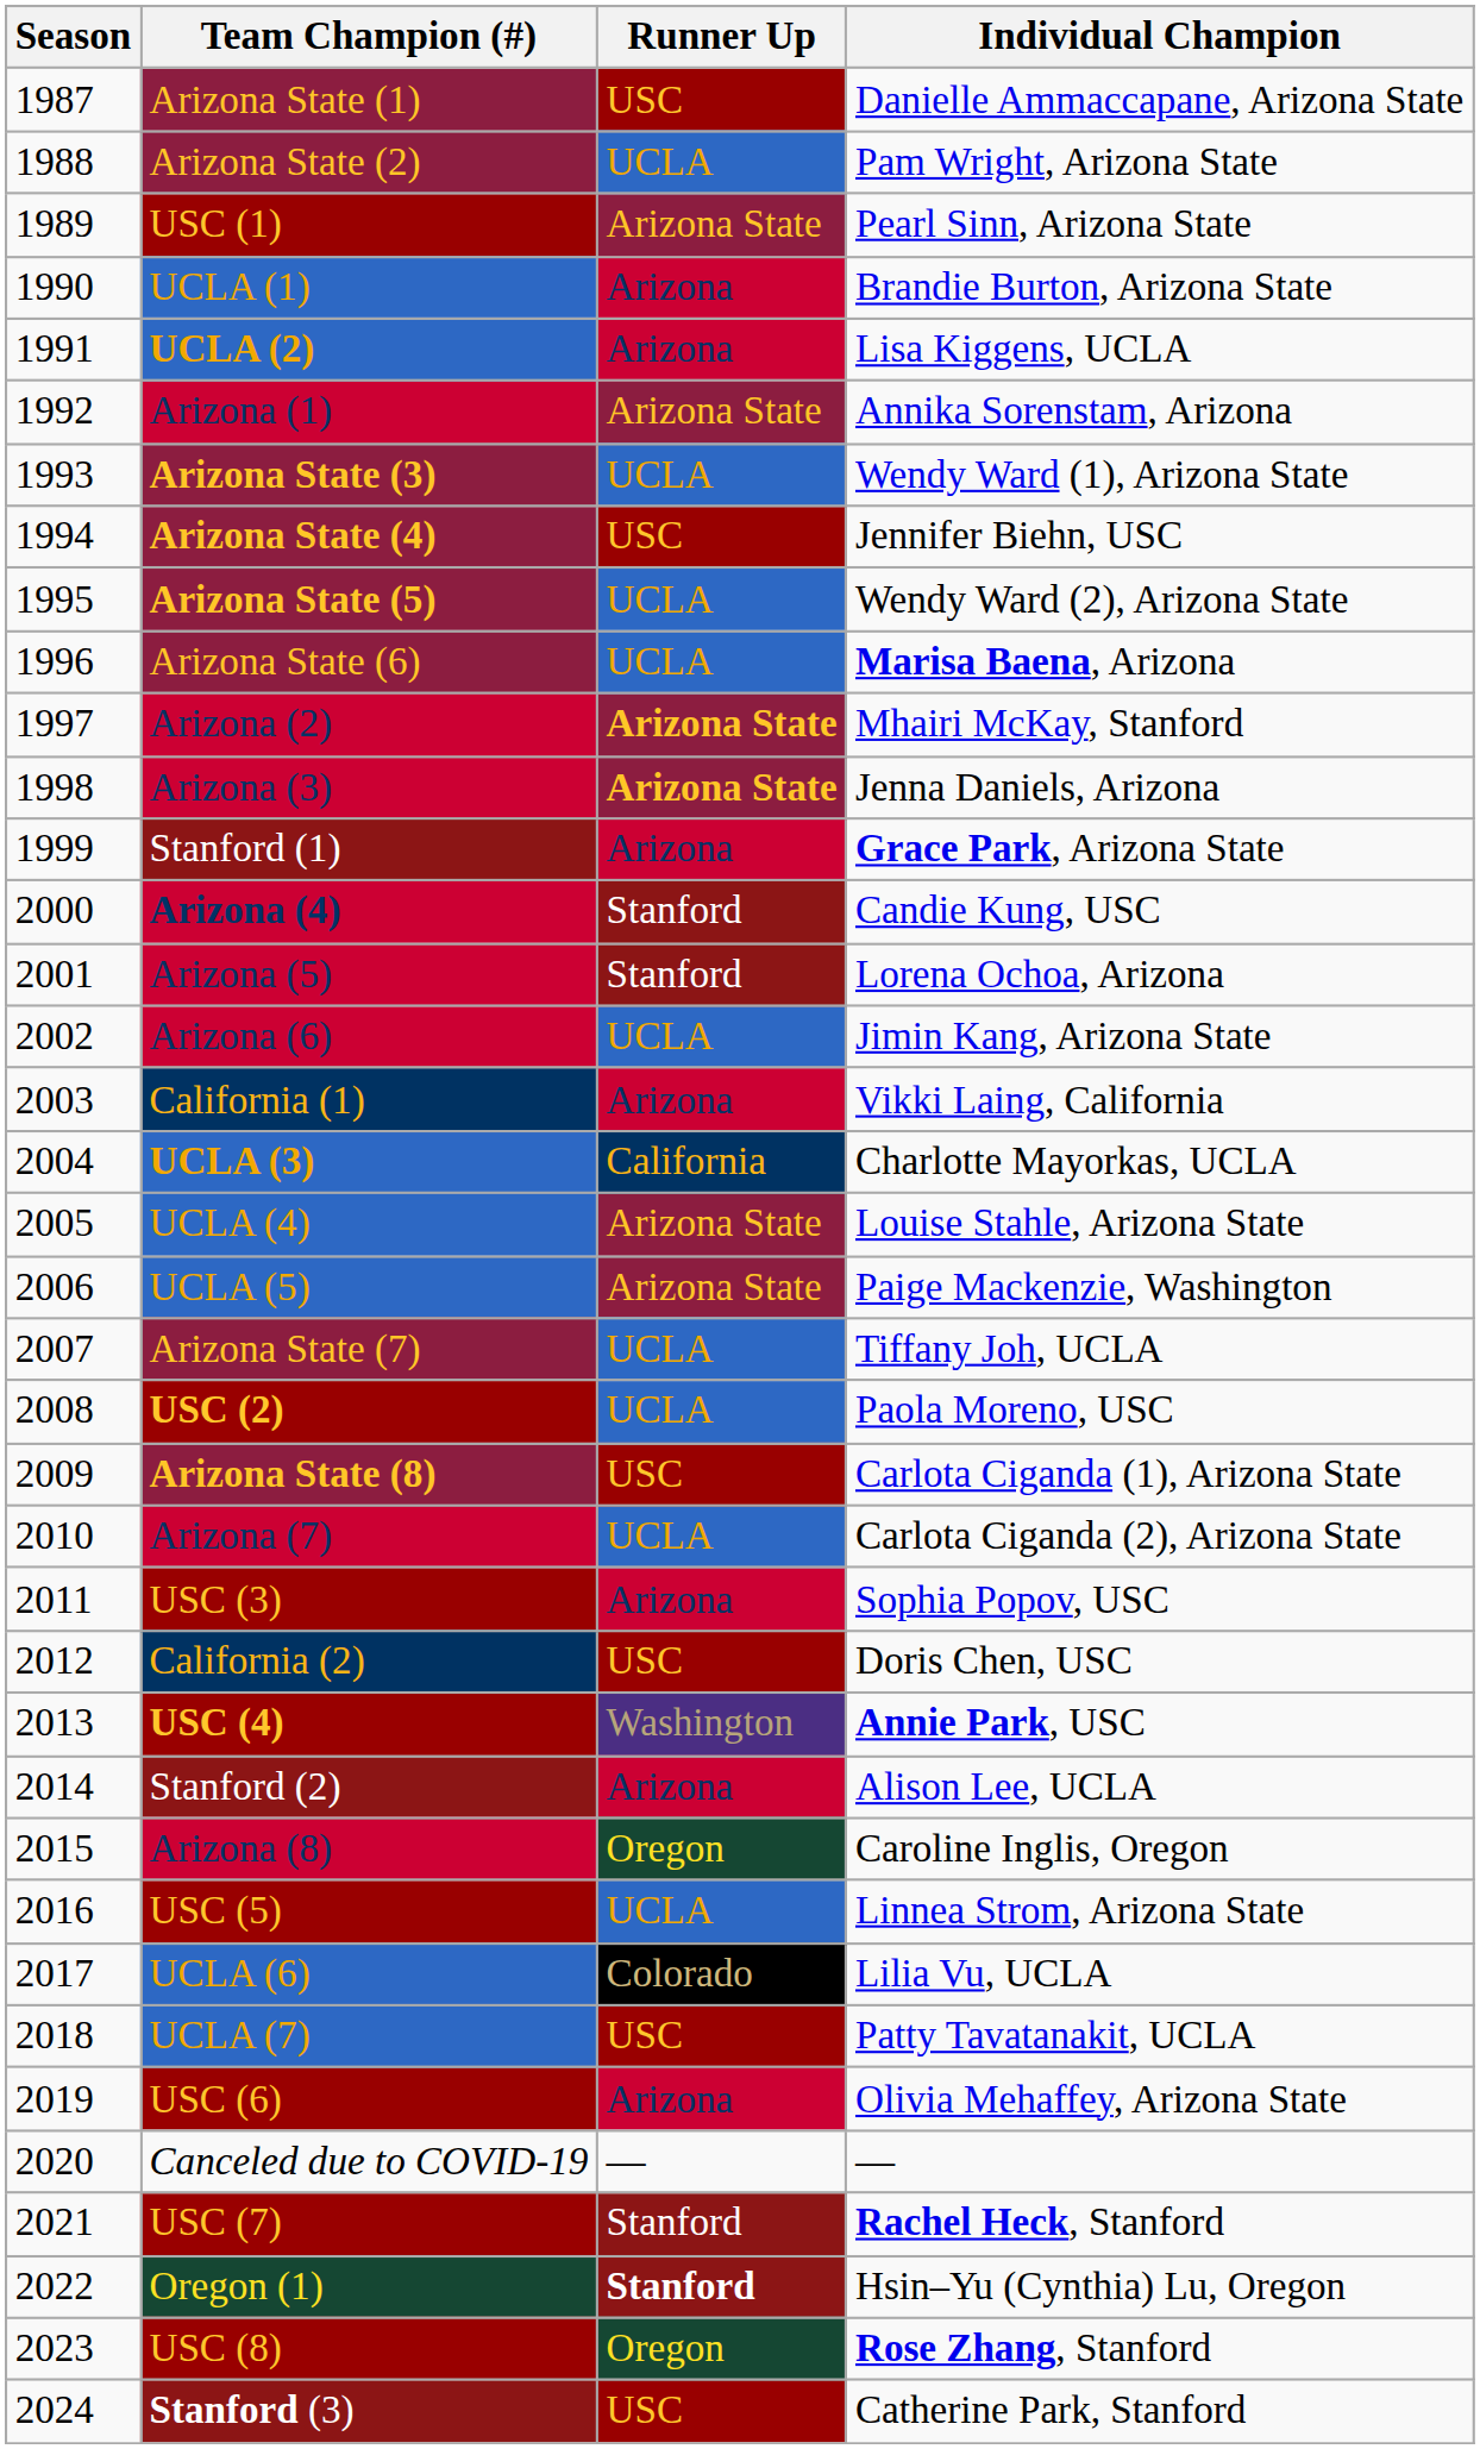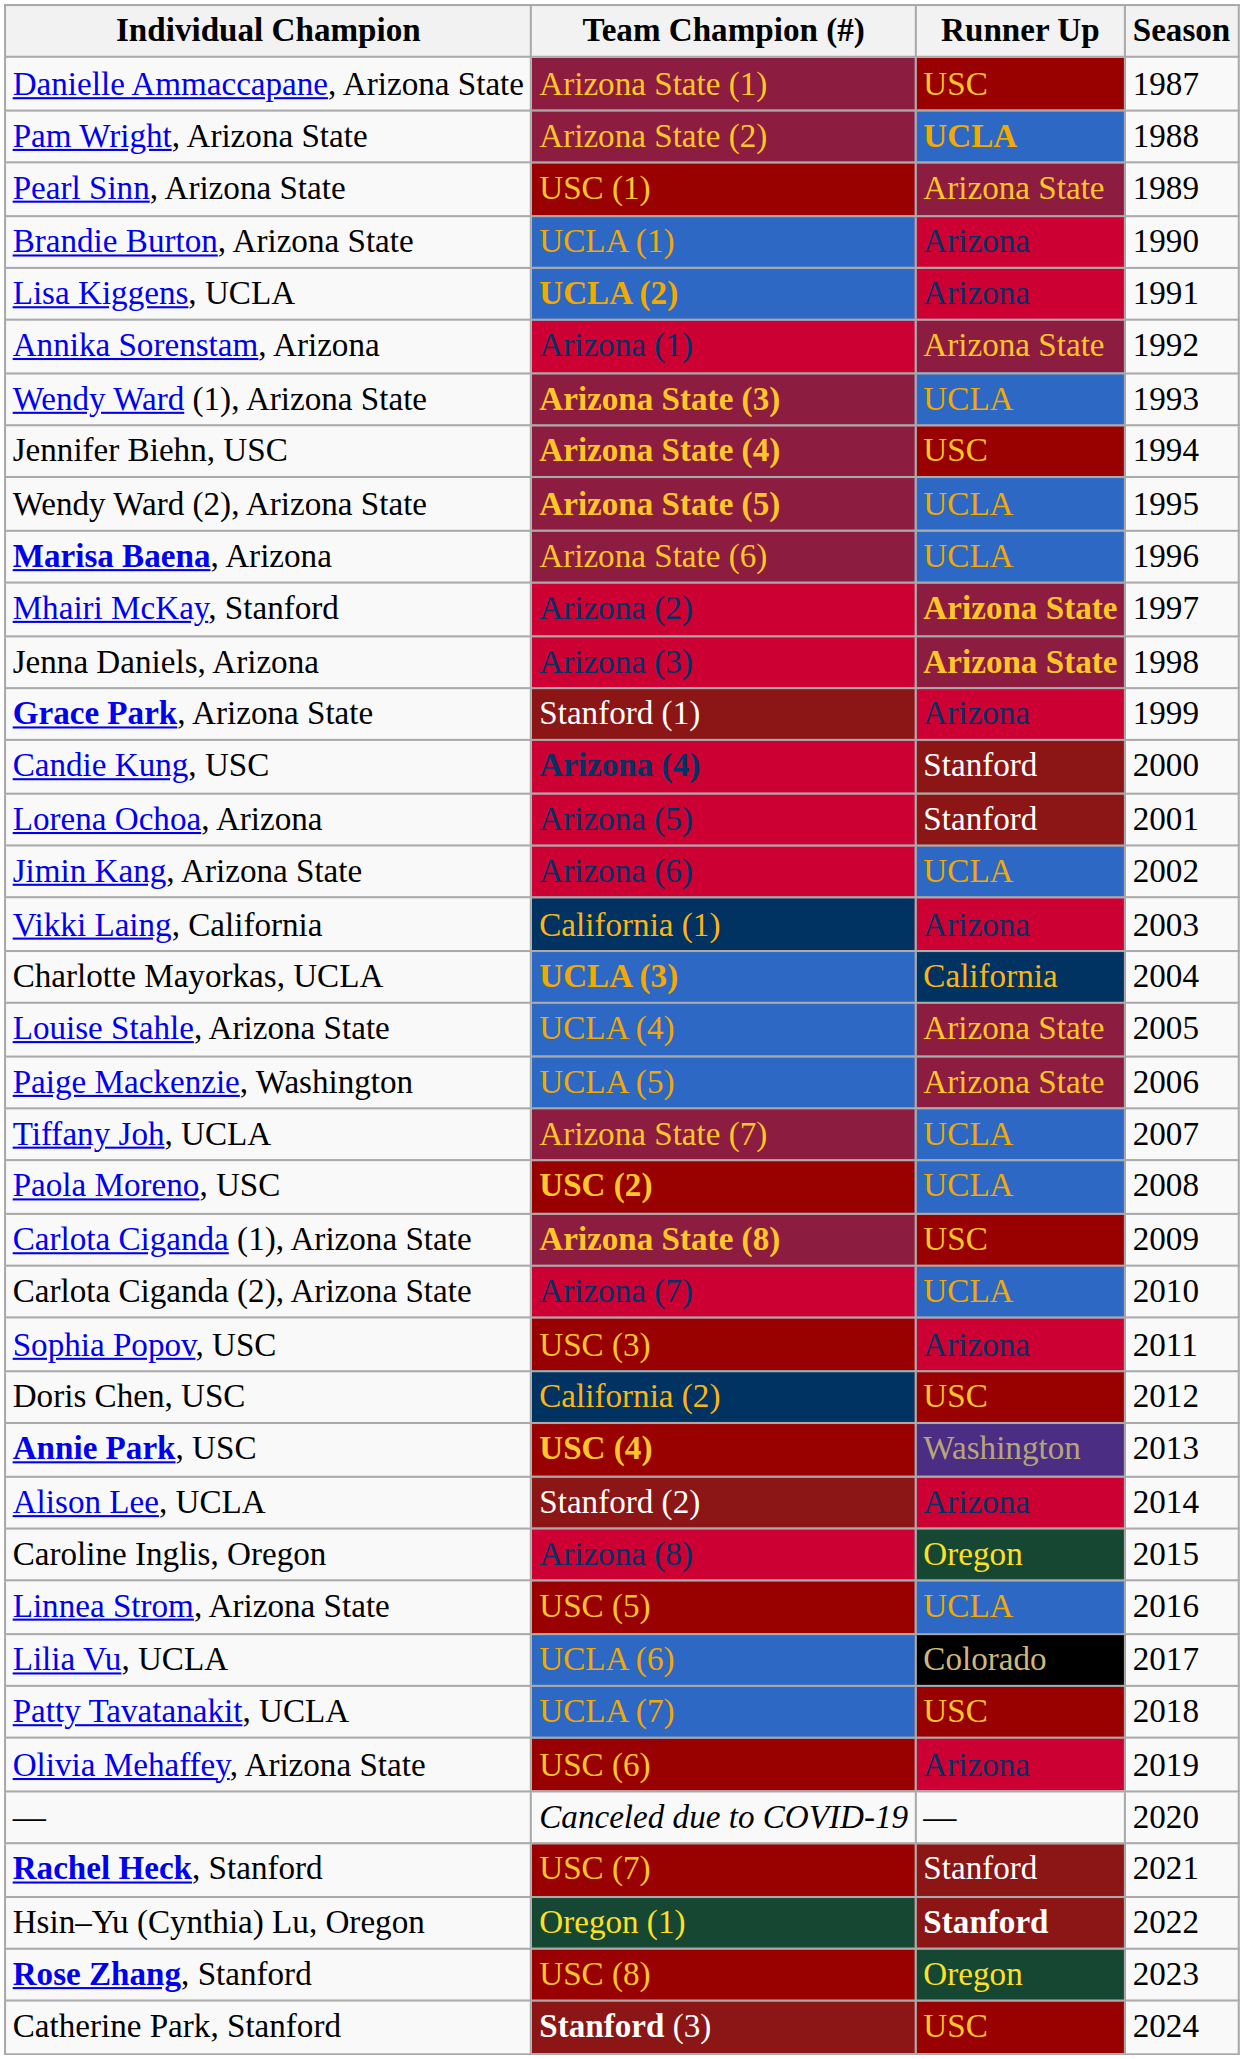 <table class="wikitable">
 <tr>
-<th>Season</th>
+<th>Individual Champion</th>
 <th>Team Champion (#)</th>
 <th>Runner Up</th>
-<th>Individual Champion</th>
+<th>Season</th>
 </tr>
 <tr>
-<td>1987</td>
+<td><a href='#'>Danielle Ammaccapane</a>, Arizona State</td>
 <td style="background:#8C1D40; color:#FFC627;">Arizona State (1)</td>
 <td style="background:#990000; color:#FFC72C;">USC</td>
-<td><a href='#'>Danielle Ammaccapane</a>, Arizona State</td>
+<td>1987</td>
 </tr>
 <tr>
+<td><a href='#'>Pam Wright</a>, Arizona State</td>
+<td style="background:#8C1D40; color:#FFC627;">Arizona State (2)</td>
+<td style="background:#2D68C4; color:#F2A900;"><strong>UCLA</strong></td>
 <td>1988</td>
-<td style="background:#8C1D40; color:#FFC627;">Arizona State (2)</td>
-<td style="background:#2D68C4; color:#F2A900;">UCLA</td>
-<td><a href='#'>Pam Wright</a>, Arizona State</td>
 </tr>
 <tr>
-<td>1989</td>
+<td><a href='#'>Pearl Sinn</a>, Arizona State</td>
 <td style="background:#990000; color:#FFC72C;">USC (1)</td>
 <td style="background:#8C1D40; color:#FFC627;">Arizona State</td>
-<td><a href='#'>Pearl Sinn</a>, Arizona State</td>
+<td>1989</td>
 </tr>
 <tr>
-<td>1990</td>
+<td><a href='#'>Brandie Burton</a>, Arizona State</td>
 <td style="background:#2D68C4; color:#F2A900;">UCLA (1)</td>
 <td style="background:#CC0033; color:#003366;">Arizona</td>
-<td><a href='#'>Brandie Burton</a>, Arizona State</td>
+<td>1990</td>
 </tr>
 <tr>
-<td>1991</td>
+<td><a href='#'>Lisa Kiggens</a>, UCLA</td>
 <td style="background:#2D68C4; color:#F2A900;"><strong>UCLA (2)</strong></td>
 <td style="background:#CC0033; color:#003366;">Arizona</td>
-<td><a href='#'>Lisa Kiggens</a>, UCLA</td>
+<td>1991</td>
 </tr>
 <tr>
-<td>1992</td>
+<td><a href='#'>Annika Sorenstam</a>, Arizona</td>
 <td style="background:#CC0033; color:#003366;">Arizona (1)</td>
 <td style="background:#8C1D40; color:#FFC627;">Arizona State</td>
-<td><a href='#'>Annika Sorenstam</a>, Arizona</td>
+<td>1992</td>
 </tr>
 <tr>
-<td>1993</td>
+<td><a href='#'>Wendy Ward</a> (1), Arizona State</td>
 <td style="background:#8C1D40; color:#FFC627;"><strong>Arizona State (3)</strong></td>
 <td style="background:#2D68C4; color:#F2A900;">UCLA</td>
-<td><a href='#'>Wendy Ward</a> (1), Arizona State</td>
+<td>1993</td>
 </tr>
 <tr>
-<td>1994</td>
+<td>Jennifer Biehn, USC</td>
 <td style="background:#8C1D40; color:#FFC627;"><strong>Arizona State (4)</strong></td>
 <td style="background:#990000; color:#FFC72C;">USC</td>
-<td>Jennifer Biehn, USC</td>
+<td>1994</td>
 </tr>
 <tr>
-<td>1995</td>
+<td>Wendy Ward (2), Arizona State</td>
 <td style="background:#8C1D40; color:#FFC627;"><strong>Arizona State (5)</strong></td>
 <td style="background:#2D68C4; color:#F2A900;">UCLA</td>
-<td>Wendy Ward (2), Arizona State</td>
+<td>1995</td>
 </tr>
 <tr>
-<td>1996</td>
+<td><strong><a href='#'>Marisa Baena</a></strong>, Arizona</td>
 <td style="background:#8C1D40; color:#FFC627;">Arizona State (6)</td>
 <td style="background:#2D68C4; color:#F2A900;">UCLA</td>
-<td><strong><a href='#'>Marisa Baena</a></strong>, Arizona</td>
+<td>1996</td>
 </tr>
 <tr>
-<td>1997</td>
+<td><a href='#'>Mhairi McKay</a>, Stanford</td>
 <td style="background:#CC0033; color:#003366;">Arizona (2)</td>
 <td style="background:#8C1D40; color:#FFC627;"><strong>Arizona State</strong></td>
-<td><a href='#'>Mhairi McKay</a>, Stanford</td>
+<td>1997</td>
 </tr>
 <tr>
-<td>1998</td>
+<td>Jenna Daniels, Arizona</td>
 <td style="background:#CC0033; color:#003366;">Arizona (3)</td>
 <td style="background:#8C1D40; color:#FFC627;"><strong>Arizona State</strong></td>
-<td>Jenna Daniels, Arizona</td>
+<td>1998</td>
 </tr>
 <tr>
-<td>1999</td>
+<td><strong><a href='#'>Grace Park</a></strong>, Arizona State</td>
 <td style="background:#8C1515; color:#FFFFFF;">Stanford (1)</td>
 <td style="background:#CC0033; color:#003366;">Arizona</td>
-<td><strong><a href='#'>Grace Park</a></strong>, Arizona State</td>
+<td>1999</td>
 </tr>
 <tr>
-<td>2000</td>
+<td><a href='#'>Candie Kung</a>, USC</td>
 <td style="background:#CC0033; color:#003366;"><strong>Arizona (4)</strong></td>
 <td style="background:#8C1515; color:#FFFFFF;">Stanford</td>
-<td><a href='#'>Candie Kung</a>, USC</td>
+<td>2000</td>
 </tr>
 <tr>
-<td>2001</td>
+<td><a href='#'>Lorena Ochoa</a>, Arizona</td>
 <td style="background:#CC0033; color:#003366;">Arizona (5)</td>
 <td style="background:#8C1515; color:#FFFFFF;">Stanford</td>
-<td><a href='#'>Lorena Ochoa</a>, Arizona</td>
+<td>2001</td>
 </tr>
 <tr>
-<td>2002</td>
+<td><a href='#'>Jimin Kang</a>, Arizona State</td>
 <td style="background:#CC0033; color:#003366;">Arizona (6)</td>
 <td style="background:#2D68C4; color:#F2A900;">UCLA</td>
-<td><a href='#'>Jimin Kang</a>, Arizona State</td>
+<td>2002</td>
 </tr>
 <tr>
-<td>2003</td>
+<td><a href='#'>Vikki Laing</a>, California</td>
 <td style="background:#003262; color:#FDB515;">California (1)</td>
 <td style="background:#CC0033; color:#003366;">Arizona</td>
-<td><a href='#'>Vikki Laing</a>, California</td>
+<td>2003</td>
 </tr>
 <tr>
-<td>2004</td>
+<td>Charlotte Mayorkas, UCLA</td>
 <td style="background:#2D68C4; color:#F2A900;"><strong>UCLA (3)</strong></td>
 <td style="background:#003262; color:#FDB515;">California</td>
-<td>Charlotte Mayorkas, UCLA</td>
+<td>2004</td>
 </tr>
 <tr>
-<td>2005</td>
+<td><a href='#'>Louise Stahle</a>, Arizona State</td>
 <td style="background:#2D68C4; color:#F2A900;">UCLA (4)</td>
 <td style="background:#8C1D40; color:#FFC627;">Arizona State</td>
-<td><a href='#'>Louise Stahle</a>, Arizona State</td>
+<td>2005</td>
 </tr>
 <tr>
-<td>2006</td>
+<td><a href='#'>Paige Mackenzie</a>, Washington</td>
 <td style="background:#2D68C4; color:#F2A900;">UCLA (5)</td>
 <td style="background:#8C1D40; color:#FFC627;">Arizona State</td>
-<td><a href='#'>Paige Mackenzie</a>, Washington</td>
+<td>2006</td>
 </tr>
 <tr>
-<td>2007</td>
+<td><a href='#'>Tiffany Joh</a>, UCLA</td>
 <td style="background:#8C1D40; color:#FFC627;">Arizona State (7)</td>
 <td style="background:#2D68C4; color:#F2A900;">UCLA</td>
-<td><a href='#'>Tiffany Joh</a>, UCLA</td>
+<td>2007</td>
 </tr>
 <tr>
-<td>2008</td>
+<td><a href='#'>Paola Moreno</a>, USC</td>
 <td style="background:#990000; color:#FFC72C;"><strong>USC (2)</strong></td>
 <td style="background:#2D68C4; color:#F2A900;">UCLA</td>
-<td><a href='#'>Paola Moreno</a>, USC</td>
+<td>2008</td>
 </tr>
 <tr>
-<td>2009</td>
+<td><a href='#'>Carlota Ciganda</a> (1), Arizona State</td>
 <td style="background:#8C1D40; color:#FFC627;"><strong>Arizona State (8)</strong></td>
 <td style="background:#990000; color:#FFC72C;">USC</td>
-<td><a href='#'>Carlota Ciganda</a> (1), Arizona State</td>
+<td>2009</td>
 </tr>
 <tr>
-<td>2010</td>
+<td>Carlota Ciganda (2), Arizona State</td>
 <td style="background:#CC0033; color:#003366;">Arizona (7)</td>
 <td style="background:#2D68C4; color:#F2A900;">UCLA</td>
-<td>Carlota Ciganda (2), Arizona State</td>
+<td>2010</td>
 </tr>
 <tr>
-<td>2011</td>
+<td><a href='#'>Sophia Popov</a>, USC</td>
 <td style="background:#990000; color:#FFC72C;">USC (3)</td>
 <td style="background:#CC0033; color:#003366;">Arizona</td>
-<td><a href='#'>Sophia Popov</a>, USC</td>
+<td>2011</td>
 </tr>
 <tr>
-<td>2012</td>
+<td>Doris Chen, USC</td>
 <td style="background:#003262; color:#FDB515;">California (2)</td>
 <td style="background:#990000; color:#FFC72C;">USC</td>
-<td>Doris Chen, USC</td>
+<td>2012</td>
 </tr>
 <tr>
-<td>2013</td>
+<td><strong><a href='#'>Annie Park</a></strong>, USC</td>
 <td style="background:#990000; color:#FFC72C;"><strong>USC (4)</strong></td>
 <td style="background:#4B2E83; color:#B7A57A;">Washington</td>
-<td><strong><a href='#'>Annie Park</a></strong>, USC</td>
+<td>2013</td>
 </tr>
 <tr>
-<td>2014</td>
+<td><a href='#'>Alison Lee</a>, UCLA</td>
 <td style="background:#8C1515; color:#FFFFFF;">Stanford (2)</td>
 <td style="background:#CC0033; color:#003366;">Arizona</td>
-<td><a href='#'>Alison Lee</a>, UCLA</td>
+<td>2014</td>
 </tr>
 <tr>
-<td>2015</td>
+<td>Caroline Inglis, Oregon</td>
 <td style="background:#CC0033; color:#003366;">Arizona (8)</td>
 <td style="background:#154733; color:#FEE123;">Oregon</td>
-<td>Caroline Inglis, Oregon</td>
+<td>2015</td>
 </tr>
 <tr>
-<td>2016</td>
+<td><a href='#'>Linnea Strom</a>, Arizona State</td>
 <td style="background:#990000; color:#FFC72C;">USC (5)</td>
 <td style="background:#2D68C4; color:#F2A900;">UCLA</td>
-<td><a href='#'>Linnea Strom</a>, Arizona State</td>
+<td>2016</td>
 </tr>
 <tr>
-<td>2017</td>
+<td><a href='#'>Lilia Vu</a>, UCLA</td>
 <td style="background:#2D68C4; color:#F2A900;">UCLA (6)</td>
 <td style="background:#000000; color:#CFB87C;">Colorado</td>
-<td><a href='#'>Lilia Vu</a>, UCLA</td>
+<td>2017</td>
 </tr>
 <tr>
-<td>2018</td>
+<td><a href='#'>Patty Tavatanakit</a>, UCLA</td>
 <td style="background:#2D68C4; color:#F2A900;">UCLA (7)</td>
 <td style="background:#990000; color:#FFC72C;">USC</td>
-<td><a href='#'>Patty Tavatanakit</a>, UCLA</td>
+<td>2018</td>
 </tr>
 <tr>
-<td>2019</td>
+<td><a href='#'>Olivia Mehaffey</a>, Arizona State</td>
 <td style="background:#990000; color:#FFC72C;">USC (6)</td>
 <td style="background:#CC0033; color:#003366;">Arizona</td>
-<td><a href='#'>Olivia Mehaffey</a>, Arizona State</td>
+<td>2019</td>
 </tr>
 <tr>
-<td>2020</td>
+<td>―</td>
 <td><em>Canceled due to COVID-19</em></td>
 <td>―</td>
-<td>―</td>
+<td>2020</td>
 </tr>
 <tr>
-<td>2021</td>
+<td><strong><a href='#'>Rachel Heck</a></strong>, Stanford</td>
 <td style="background:#990000; color:#FFC72C;">USC (7)</td>
 <td style="background:#8C1515; color:#FFFFFF;">Stanford</td>
-<td><strong><a href='#'>Rachel Heck</a></strong>, Stanford</td>
+<td>2021</td>
 </tr>
 <tr>
-<td>2022</td>
+<td>Hsin–Yu (Cynthia) Lu, Oregon</td>
 <td style="background:#154733; color:#FEE123;">Oregon (1)</td>
 <td style="background:#8C1515; color:#FFFFFF;"><strong>Stanford</strong></td>
-<td>Hsin–Yu (Cynthia) Lu, Oregon</td>
+<td>2022</td>
 </tr>
 <tr>
-<td>2023</td>
+<td><strong><a href='#'>Rose Zhang</a></strong>, Stanford</td>
 <td style="background:#990000; color:#FFC72C;">USC (8)</td>
 <td style="background:#154733; color:#FEE123;">Oregon</td>
-<td><strong><a href='#'>Rose Zhang</a></strong>, Stanford</td>
+<td>2023</td>
 </tr>
 <tr>
-<td>2024</td>
+<td>Catherine Park, Stanford</td>
 <td style="background:#8C1515; color:#FFFFFF;"><strong>Stanford</strong> (3)</td>
 <td style="background:#990000; color:#FFC72C;">USC</td>
-<td>Catherine Park, Stanford</td>
+<td>2024</td>
 </tr>
 </table>
